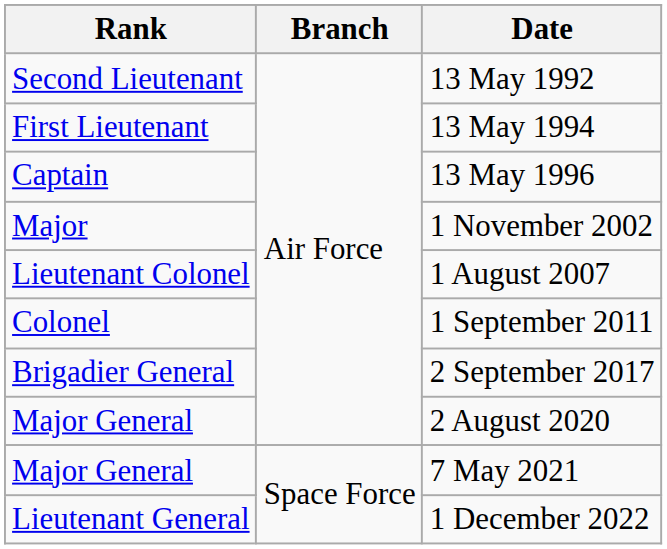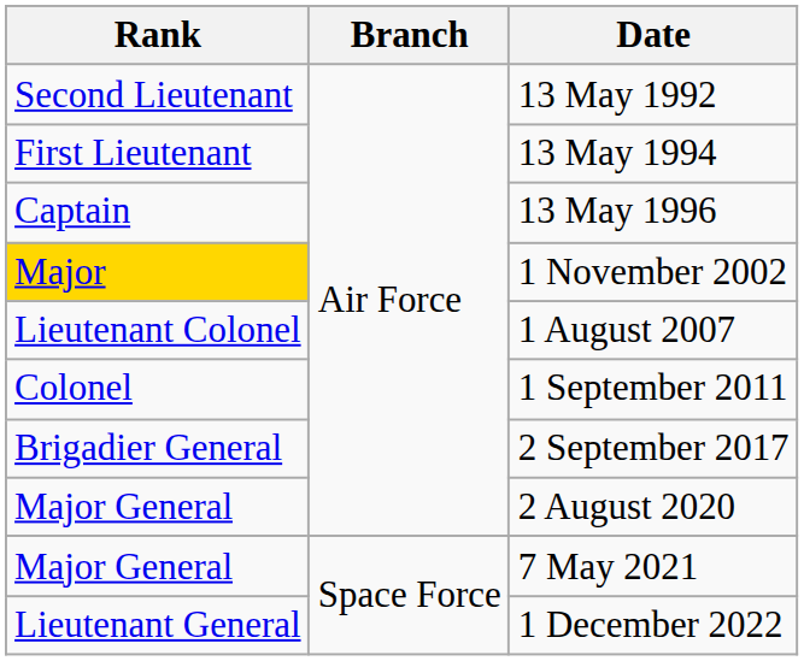 <table class="wikitable">
 <tr>
 <th>Rank</th>
 <th>Branch</th>
 <th>Date</th>
 </tr>
 <tr>
 <td> <a href='#'>Second Lieutenant</a></td>
 <td rowspan=8>Air Force</td>
 <td>13 May 1992</td>
 </tr>
 <tr>
 <td> <a href='#'>First Lieutenant</a></td>
 <td>13 May 1994</td>
 </tr>
 <tr>
 <td> <a href='#'>Captain</a></td>
 <td>13 May 1996</td>
 </tr>
 <tr>
-<td> <a href='#'>Major</a></td>
+<td style="background: gold;"> <a href='#'>Major</a></td>
 <td>1 November 2002</td>
 </tr>
 <tr>
 <td> <a href='#'>Lieutenant Colonel</a></td>
 <td>1 August 2007</td>
 </tr>
 <tr>
 <td> <a href='#'>Colonel</a></td>
 <td>1 September 2011</td>
 </tr>
 <tr>
 <td> <a href='#'>Brigadier General</a></td>
 <td>2 September 2017</td>
 </tr>
 <tr>
 <td> <a href='#'>Major General</a></td>
 <td>2 August 2020</td>
 </tr>
 <tr>
 <td> <a href='#'>Major General</a></td>
 <td rowspan=2>Space Force</td>
 <td>7 May 2021</td>
 </tr>
 <tr>
 <td> <a href='#'>Lieutenant General</a></td>
 <td>1 December 2022</td>
 </tr>
 </table>
